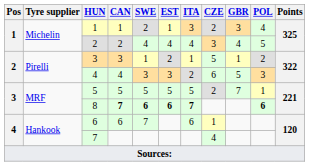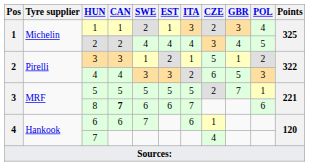 <table class="wikitable" style="font-size: 85%; text-align: center">
 <tr valign="top">
 <th valign="middle">Pos</th>
 <th valign="middle">Tyre supplier</th>
 <th><a href='#'>HUN</a><br></th>
 <th><a href='#'>CAN</a><br></th>
 <th><a href='#'>SWE</a><br></th>
 <th><a href='#'>EST</a><br></th>
 <th><a href='#'>ITA</a><br></th>
 <th><a href='#'>CZE</a><br></th>
 <th><a href='#'>GBR</a><br></th>
 <th><a href='#'>POL</a><br></th>
 <th valign="middle">Points</th>
 </tr>
 <tr>
 <th rowspan="2">1</th>
 <td rowspan="2" align="left"> <a href='#'>Michelin</a></td>
 <td style="background:#FFFFBF;">1</td>
 <td style="background:#FFFFBF;">1</td>
 <td style="background:#DFDFDF;">2</td>
 <td style="background:#FFFFBF;">1</td>
 <td style="background:#FFDF9F;">3</td>
 <td style="background:#DFDFDF;">2</td>
 <td style="background:#FFDF9F;">3</td>
 <td style="background:#DFFFDF;">4</td>
 <th rowspan="2">325</th>
 </tr>
 <tr>
 <td style="background:#DFDFDF;">2</td>
 <td style="background:#DFDFDF;">2</td>
 <td style="background:#DFFFDF;">4</td>
 <td style="background:#DFFFDF;">4</td>
 <td style="background:#DFFFDF;">4</td>
 <td style="background:#FFDF9F;">3</td>
 <td style="background:#DFFFDF;">4</td>
 <td style="background:#DFFFDF;">5</td>
 </tr>
 <tr>
 <th rowspan="2">2</th>
 <td rowspan="2" align="left"> <a href='#'>Pirelli</a></td>
 <td style="background:#FFDF9F;">3</td>
 <td style="background:#FFDF9F;">3</td>
 <td style="background:#FFFFBF;">1</td>
 <td style="background:#DFDFDF;">2</td>
 <td style="background:#FFFFBF;">1</td>
 <td style="background:#DFFFDF;">5</td>
 <td style="background:#FFFFBF;">1</td>
 <td style="background:#DFDFDF;">2</td>
 <th rowspan="2">322</th>
 </tr>
 <tr>
 <td style="background:#DFFFDF;">4</td>
 <td style="background:#DFFFDF;">4</td>
 <td style="background:#FFDF9F;">3</td>
 <td style="background:#FFDF9F;">3</td>
 <td style="background:#DFDFDF;">2</td>
 <td style="background:#DFFFDF;">6</td>
 <td style="background:#DFFFDF;">5</td>
 <td style="background:#FFDF9F;">3</td>
 </tr>
 <tr>
 <th rowspan="2">3</th>
 <td rowspan="2" align="left"> <a href='#'>MRF</a></td>
 <td style="background:#DFFFDF;">5</td>
 <td style="background:#DFFFDF;">5</td>
 <td style="background:#DFFFDF;">5</td>
 <td style="background:#DFFFDF;">5</td>
 <td style="background:#DFFFDF;">5</td>
 <td style="background:#DFDFDF;">2</td>
 <td style="background:#DFFFDF;">7</td>
 <td style="background:#FFFFBF;">1</td>
 <th rowspan="2">221</th>
 </tr>
 <tr>
 <td style="background:#DFFFDF;">8</td>
 <td style="background:#DFFFDF;"><strong>7</strong></td>
-<td style="background:#DFFFDF;"><strong>6</strong></td>
-<td style="background:#DFFFDF;"><strong>6</strong></td>
-<td style="background:#DFFFDF;"><strong>7</strong></td>
+<td style="background:#DFFFDF;">6</td>
+<td style="background:#DFFFDF;">6</td>
+<td style="background:#DFFFDF;">7</td>
 <td></td>
 <td></td>
-<td style="background:#DFFFDF;"><strong>6</strong></td>
+<td style="background:#DFFFDF;">6</td>
 </tr>
 <tr>
 <th rowspan="2">4</th>
 <td rowspan="2" align="left"> <a href='#'>Hankook</a></td>
 <td style="background:#DFFFDF;">6</td>
 <td style="background:#DFFFDF;">6</td>
 <td style="background:#DFFFDF;">7</td>
 <td></td>
 <td style="background:#DFFFDF;">6</td>
 <td style="background:#FFFFBF;">1</td>
 <td></td>
 <td></td>
 <th rowspan="2">120</th>
 </tr>
 <tr>
 <td style="background:#DFFFDF;">7</td>
 <td></td>
 <td></td>
 <td></td>
 <td></td>
 <td style="background:#DFFFDF;">4</td>
 <td></td>
 <td></td>
 </tr>
 <tr>
 <td colspan="12" style="background-color:#EAECF0;text-align:center"><strong>Sources:</strong></td>
 </tr>
 </table>
